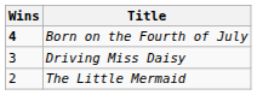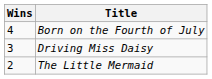 <table class="wikitable">
 <tr>
 <th>Wins</th>
 <th>Title</th>
 </tr>
 <tr>
-<td><strong>4</strong></td>
+<td>4</td>
 <td><em>Born on the Fourth of July</em></td>
 </tr>
 <tr>
 <td>3</td>
 <td><em>Driving Miss Daisy</em></td>
 </tr>
 <tr>
 <td>2</td>
 <td><em>The Little Mermaid</em></td>
 </tr>
 </table>
